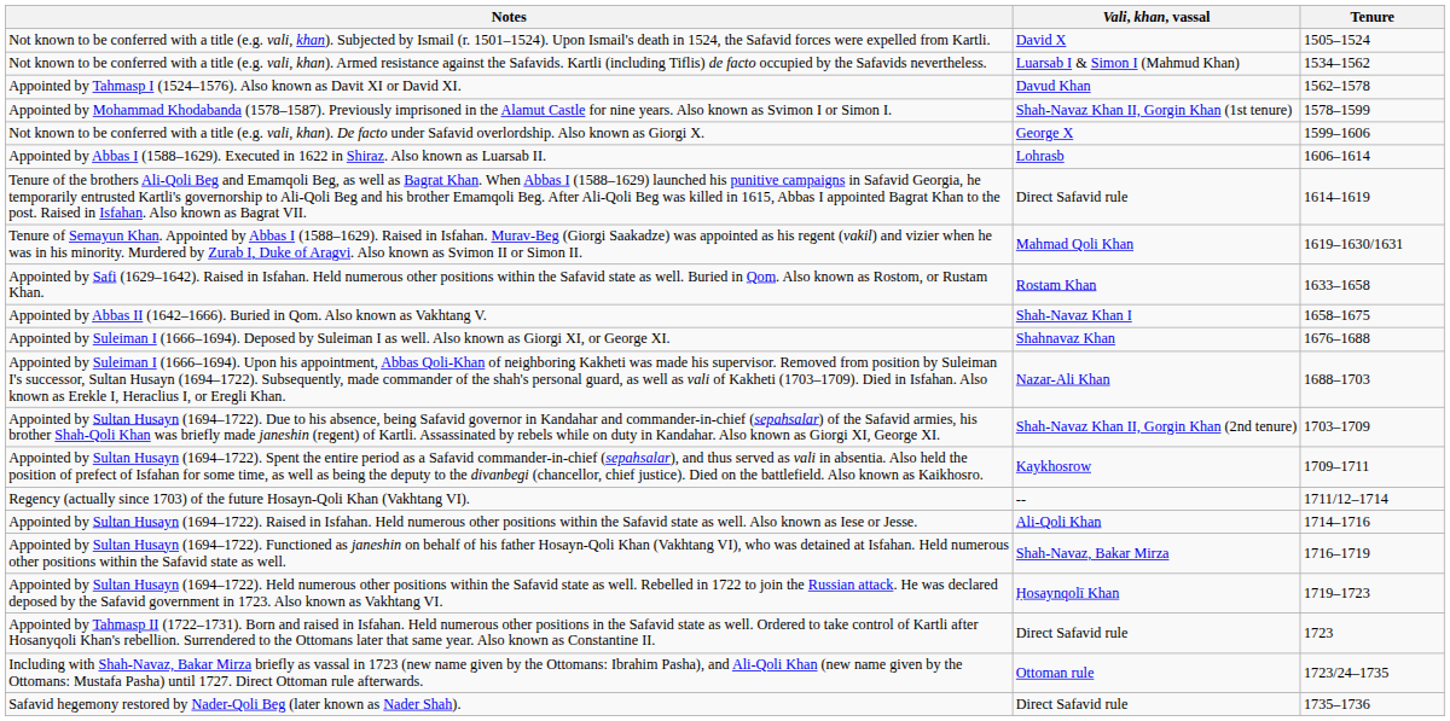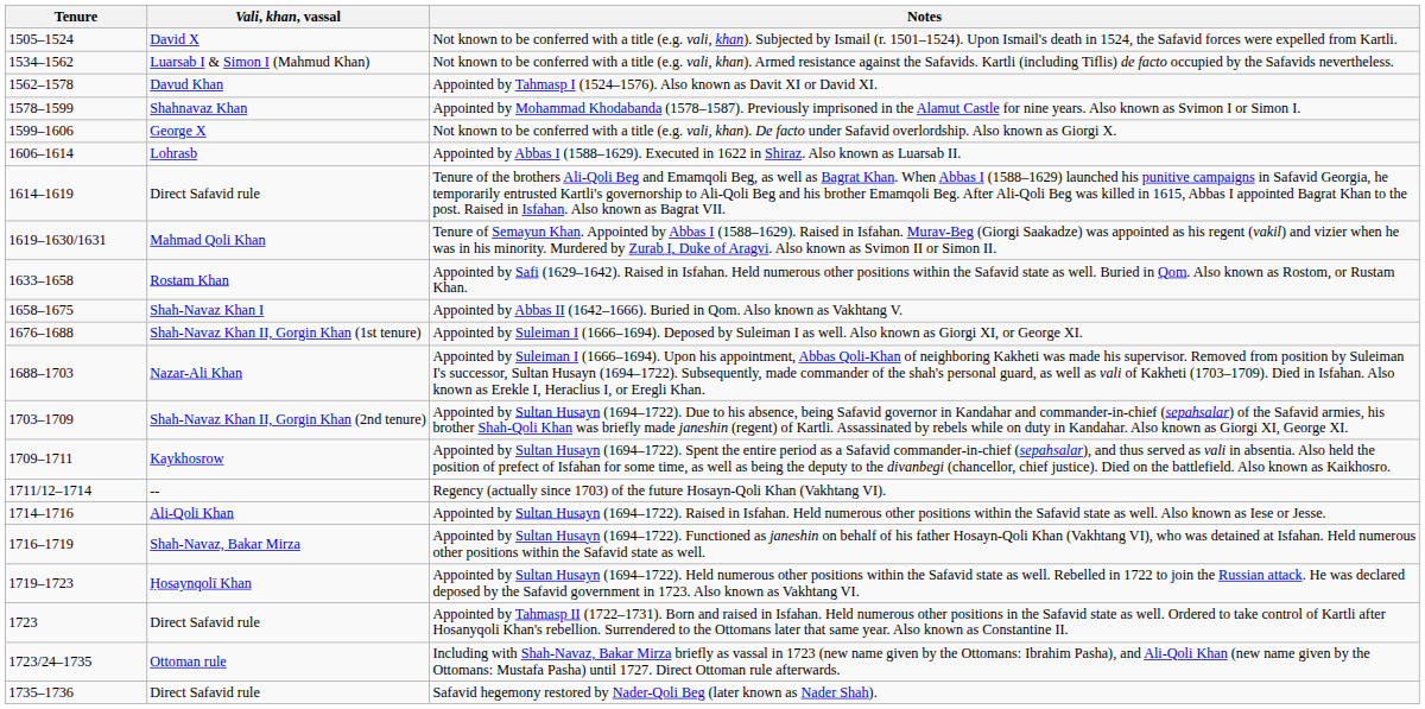 <table class="wikitable">
 <tr>
+<th width="10%">Tenure</th>
+<th width="20%"><em>Vali</em>, <em>khan</em>, vassal</th>
 <th>Notes</th>
-<th width="20%"><em>Vali</em>, <em>khan</em>, vassal</th>
-<th width="10%">Tenure</th>
 </tr>
 <tr>
+<td>1505–1524</td>
+<td><a href='#'>David X</a></td>
 <td>Not known to be conferred with a title (e.g. <em>vali</em>, <em><a href='#'>khan</a></em>). Subjected by Ismail (r. 1501–1524). Upon Ismail's death in 1524, the Safavid forces were expelled from Kartli.</td>
-<td><a href='#'>David X</a></td>
-<td>1505–1524</td>
 </tr>
 <tr>
+<td>1534–1562</td>
+<td><a href='#'>Luarsab I</a> & <a href='#'>Simon I</a> (Mahmud Khan)</td>
 <td>Not known to be conferred with a title (e.g. <em>vali</em>, <em>khan</em>). Armed resistance against the Safavids. Kartli (including Tiflis) <em>de facto</em> occupied by the Safavids nevertheless.</td>
-<td><a href='#'>Luarsab I</a> & <a href='#'>Simon I</a> (Mahmud Khan)</td>
-<td>1534–1562</td>
 </tr>
 <tr>
+<td>1562–1578</td>
+<td><a href='#'>Davud Khan</a></td>
 <td>Appointed by <a href='#'>Tahmasp I</a> (1524–1576). Also known as Davit XI or David XI.</td>
-<td><a href='#'>Davud Khan</a></td>
-<td>1562–1578</td>
 </tr>
 <tr>
+<td>1578–1599</td>
+<td><a href='#'>Shahnavaz Khan</a></td>
 <td>Appointed by <a href='#'>Mohammad Khodabanda</a> (1578–1587). Previously imprisoned in the <a href='#'>Alamut Castle</a> for nine years. Also known as Svimon I or Simon I.</td>
-<td><a href='#'>Shah-Navaz Khan II, Gorgin Khan</a> (1st tenure)</td>
-<td>1578–1599</td>
 </tr>
 <tr>
+<td>1599–1606</td>
+<td><a href='#'>George X</a></td>
 <td>Not known to be conferred with a title (e.g. <em>vali</em>, <em>khan</em>). <em>De facto</em> under Safavid overlordship. Also known as Giorgi X.</td>
-<td><a href='#'>George X</a></td>
-<td>1599–1606</td>
 </tr>
 <tr>
+<td>1606–1614</td>
+<td><a href='#'>Lohrasb</a></td>
 <td>Appointed by <a href='#'>Abbas I</a> (1588–1629). Executed in 1622 in <a href='#'>Shiraz</a>. Also known as Luarsab II.</td>
-<td><a href='#'>Lohrasb</a></td>
-<td>1606–1614</td>
 </tr>
 <tr>
+<td>1614–1619</td>
+<td>Direct Safavid rule</td>
 <td>Tenure of the brothers <a href='#'>Ali-Qoli Beg</a> and Emamqoli Beg, as well as <a href='#'>Bagrat Khan</a>. When <a href='#'>Abbas I</a> (1588–1629) launched his <a href='#'>punitive campaigns</a> in Safavid Georgia, he temporarily entrusted Kartli's governorship to Ali-Qoli Beg and his brother Emamqoli Beg. After Ali-Qoli Beg was killed in 1615, Abbas I appointed Bagrat Khan to the post. Raised in <a href='#'>Isfahan</a>. Also known as Bagrat VII.</td>
-<td>Direct Safavid rule</td>
-<td>1614–1619</td>
 </tr>
 <tr>
+<td>1619–1630/1631</td>
+<td><a href='#'>Mahmad Qoli Khan</a></td>
 <td>Tenure of <a href='#'>Semayun Khan</a>. Appointed by <a href='#'>Abbas I</a> (1588–1629). Raised in Isfahan. <a href='#'>Murav-Beg</a> (Giorgi Saakadze) was appointed as his regent (<em>vakil</em>) and vizier when he was in his minority. Murdered by <a href='#'>Zurab I, Duke of Aragvi</a>. Also known as Svimon II or Simon II.</td>
-<td><a href='#'>Mahmad Qoli Khan</a></td>
-<td>1619–1630/1631</td>
 </tr>
 <tr>
+<td>1633–1658</td>
+<td><a href='#'>Rostam Khan</a></td>
 <td>Appointed by <a href='#'>Safi</a> (1629–1642). Raised in Isfahan. Held numerous other positions within the Safavid state as well. Buried in <a href='#'>Qom</a>. Also known as Rostom, or Rustam Khan.</td>
-<td><a href='#'>Rostam Khan</a></td>
-<td>1633–1658</td>
 </tr>
 <tr>
+<td>1658–1675</td>
+<td><a href='#'>Shah-Navaz Khan I</a></td>
 <td>Appointed by <a href='#'>Abbas II</a> (1642–1666). Buried in Qom. Also known as Vakhtang V.</td>
-<td><a href='#'>Shah-Navaz Khan I</a></td>
-<td>1658–1675</td>
 </tr>
 <tr>
+<td>1676–1688</td>
+<td><a href='#'>Shah-Navaz Khan II, Gorgin Khan</a> (1st tenure)</td>
 <td>Appointed by <a href='#'>Suleiman I</a> (1666–1694). Deposed by Suleiman I as well. Also known as Giorgi XI, or George XI.</td>
-<td><a href='#'>Shahnavaz Khan</a></td>
-<td>1676–1688</td>
 </tr>
 <tr>
+<td>1688–1703</td>
+<td><a href='#'>Nazar-Ali Khan</a></td>
 <td>Appointed by <a href='#'>Suleiman I</a> (1666–1694). Upon his appointment, <a href='#'>Abbas Qoli-Khan</a> of neighboring Kakheti was made his supervisor. Removed from position by Suleiman I's successor, Sultan Husayn (1694–1722). Subsequently, made commander of the shah's personal guard, as well as <em>vali</em> of Kakheti (1703–1709). Died in Isfahan. Also known as Erekle I, Heraclius I, or Eregli Khan.</td>
-<td><a href='#'>Nazar-Ali Khan</a></td>
-<td>1688–1703</td>
 </tr>
 <tr>
+<td>1703–1709</td>
+<td><a href='#'>Shah-Navaz Khan II, Gorgin Khan</a> (2nd tenure)</td>
 <td>Appointed by <a href='#'>Sultan Husayn</a> (1694–1722). Due to his absence, being Safavid governor in Kandahar and commander-in-chief (<em><a href='#'>sepahsalar</a></em>) of the Safavid armies, his brother <a href='#'>Shah-Qoli Khan</a> was briefly made <em>janeshin</em> (regent) of Kartli. Assassinated by rebels while on duty in Kandahar. Also known as Giorgi XI, George XI.</td>
-<td><a href='#'>Shah-Navaz Khan II, Gorgin Khan</a> (2nd tenure)</td>
-<td>1703–1709</td>
 </tr>
 <tr>
+<td>1709–1711</td>
+<td><a href='#'>Kaykhosrow</a></td>
 <td>Appointed by <a href='#'>Sultan Husayn</a> (1694–1722). Spent the entire period as a Safavid commander-in-chief (<em><a href='#'>sepahsalar</a></em>), and thus served as <em>vali</em> in absentia. Also held the position of prefect of Isfahan for some time, as well as being the deputy to the <em>divanbegi</em> (chancellor, chief justice). Died on the battlefield. Also known as Kaikhosro.</td>
-<td><a href='#'>Kaykhosrow</a></td>
-<td>1709–1711</td>
 </tr>
 <tr>
+<td>1711/12–1714</td>
+<td>--</td>
 <td>Regency (actually since 1703) of the future Hosayn-Qoli Khan (Vakhtang VI).</td>
-<td>--</td>
-<td>1711/12–1714</td>
 </tr>
 <tr>
+<td>1714–1716</td>
+<td><a href='#'>Ali-Qoli Khan</a></td>
 <td>Appointed by <a href='#'>Sultan Husayn</a> (1694–1722). Raised in Isfahan. Held numerous other positions within the Safavid state as well. Also known as Iese or Jesse.</td>
-<td><a href='#'>Ali-Qoli Khan</a></td>
-<td>1714–1716</td>
 </tr>
 <tr>
+<td>1716–1719</td>
+<td><a href='#'>Shah-Navaz, Bakar Mirza</a></td>
 <td>Appointed by <a href='#'>Sultan Husayn</a> (1694–1722). Functioned as <em>janeshin</em> on behalf of his father Hosayn-Qoli Khan (Vakhtang VI), who was detained at Isfahan. Held numerous other positions within the Safavid state as well.</td>
-<td><a href='#'>Shah-Navaz, Bakar Mirza</a></td>
-<td>1716–1719</td>
 </tr>
 <tr>
+<td>1719–1723</td>
+<td><a href='#'>Ḥosaynqolī Khan</a></td>
 <td>Appointed by <a href='#'>Sultan Husayn</a> (1694–1722). Held numerous other positions within the Safavid state as well. Rebelled in 1722 to join the <a href='#'>Russian attack</a>. He was declared deposed by the Safavid government in 1723. Also known as Vakhtang VI.</td>
-<td><a href='#'>Ḥosaynqolī Khan</a></td>
-<td>1719–1723</td>
 </tr>
 <tr>
+<td>1723</td>
+<td>Direct Safavid rule</td>
 <td>Appointed by <a href='#'>Tahmasp II</a> (1722–1731). Born and raised in Isfahan. Held numerous other positions in the Safavid state as well. Ordered to take control of Kartli after Hosanyqoli Khan's rebellion. Surrendered to the Ottomans later that same year. Also known as Constantine II.</td>
-<td>Direct Safavid rule</td>
-<td>1723</td>
 </tr>
 <tr>
+<td>1723/24–1735</td>
+<td><a href='#'>Ottoman rule</a></td>
 <td>Including with <a href='#'>Shah-Navaz, Bakar Mirza</a> briefly as vassal in 1723 (new name given by the Ottomans: Ibrahim Pasha), and <a href='#'>Ali-Qoli Khan</a> (new name given by the Ottomans: Mustafa Pasha) until 1727. Direct Ottoman rule afterwards.</td>
-<td><a href='#'>Ottoman rule</a></td>
-<td>1723/24–1735</td>
 </tr>
 <tr>
+<td>1735–1736</td>
+<td>Direct Safavid rule</td>
 <td>Safavid hegemony restored by <a href='#'>Nader-Qoli Beg</a> (later known as <a href='#'>Nader Shah</a>).</td>
-<td>Direct Safavid rule</td>
-<td>1735–1736</td>
 </tr>
 </table>
